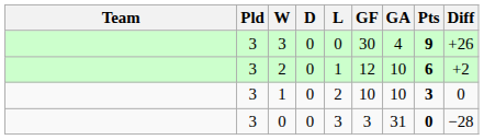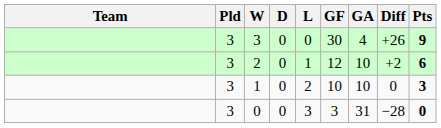 <table class="wikitable" style="text-align: center;">
 <tr>
 <th width=220>Team</th>
 <th width=20>Pld</th>
 <th width=20>W</th>
 <th width=20>D</th>
 <th width=20>L</th>
 <th width=20>GF</th>
 <th width=20>GA</th>
+<th width=20>Diff</th>
 <th width=20>Pts</th>
-<th width=20>Diff</th>
 </tr>
 <tr bgcolor=ccffcc>
 <td align=left></td>
 <td>3</td>
 <td>3</td>
 <td>0</td>
 <td>0</td>
 <td>30</td>
 <td>4</td>
+<td>+26</td>
 <td><strong>9</strong></td>
-<td>+26</td>
 </tr>
 <tr bgcolor=ccffcc>
 <td align=left></td>
 <td>3</td>
 <td>2</td>
 <td>0</td>
 <td>1</td>
 <td>12</td>
 <td>10</td>
+<td>+2</td>
 <td><strong>6</strong></td>
-<td>+2</td>
 </tr>
 <tr>
 <td align=left></td>
 <td>3</td>
 <td>1</td>
 <td>0</td>
 <td>2</td>
 <td>10</td>
 <td>10</td>
+<td>0</td>
 <td><strong>3</strong></td>
-<td>0</td>
 </tr>
 <tr>
 <td align=left></td>
 <td>3</td>
 <td>0</td>
 <td>0</td>
 <td>3</td>
 <td>3</td>
 <td>31</td>
+<td>−28</td>
 <td><strong>0</strong></td>
-<td>−28</td>
 </tr>
 </table>
